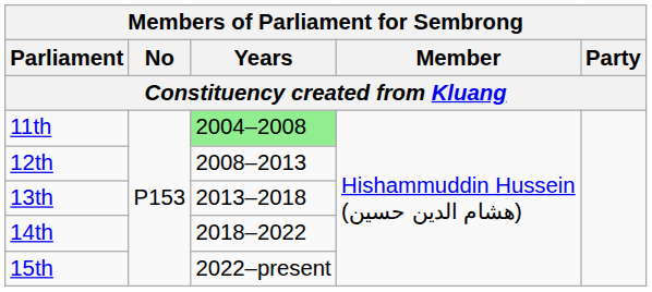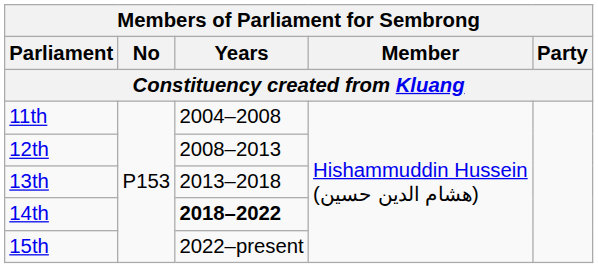 <table class=wikitable>
 <tr>
 <th colspan="5">Members of Parliament for Sembrong</th>
 </tr>
 <tr>
 <th>Parliament</th>
 <th>No</th>
 <th>Years</th>
 <th>Member</th>
 <th>Party</th>
 </tr>
 <tr>
 <th colspan="5" align="center"><em>Constituency created from <a href='#'>Kluang</a></em></th>
 </tr>
 <tr>
 <td><a href='#'>11th</a></td>
 <td rowspan="5">P153</td>
-<td style="background: lightgreen;">2004–2008</td>
+<td>2004–2008</td>
 <td rowspan="5"><a href='#'>Hishammuddin Hussein</a> <br> (هشام الدين حسين‎)</td>
 <td rowspan="5"></td>
 </tr>
 <tr>
 <td><a href='#'>12th</a></td>
 <td>2008–2013</td>
 </tr>
 <tr>
 <td><a href='#'>13th</a></td>
 <td>2013–2018</td>
 </tr>
 <tr>
 <td><a href='#'>14th</a></td>
-<td>2018–2022</td>
+<td><strong>2018–2022</strong></td>
 </tr>
 <tr>
 <td><a href='#'>15th</a></td>
 <td>2022–present</td>
 </tr>
 </table>
